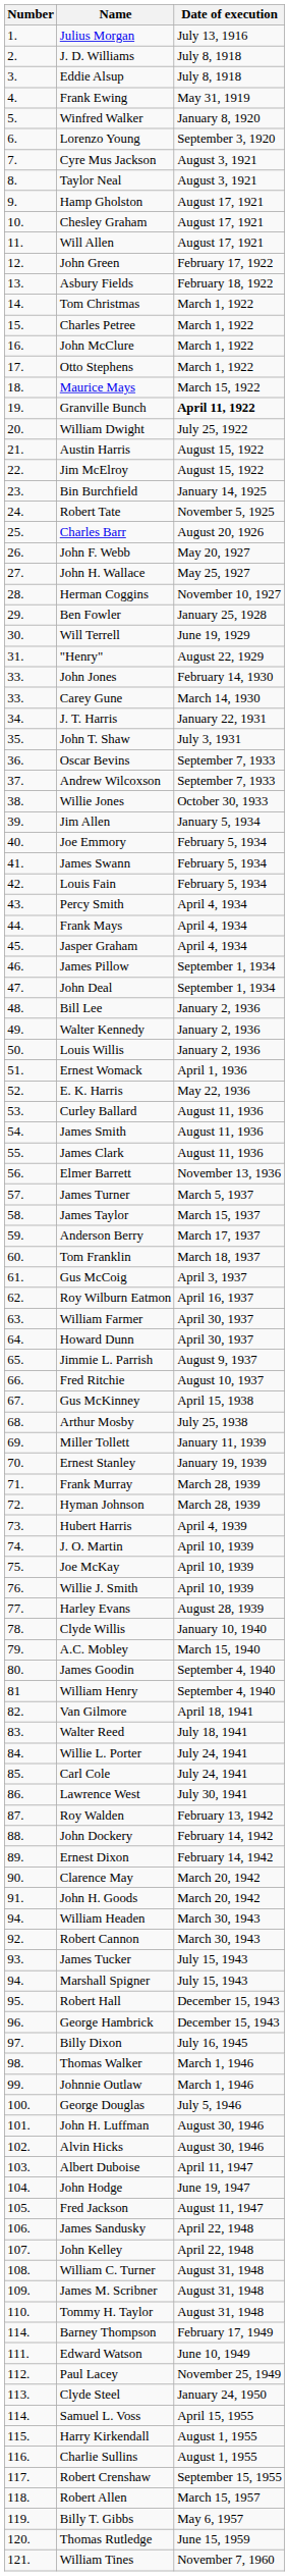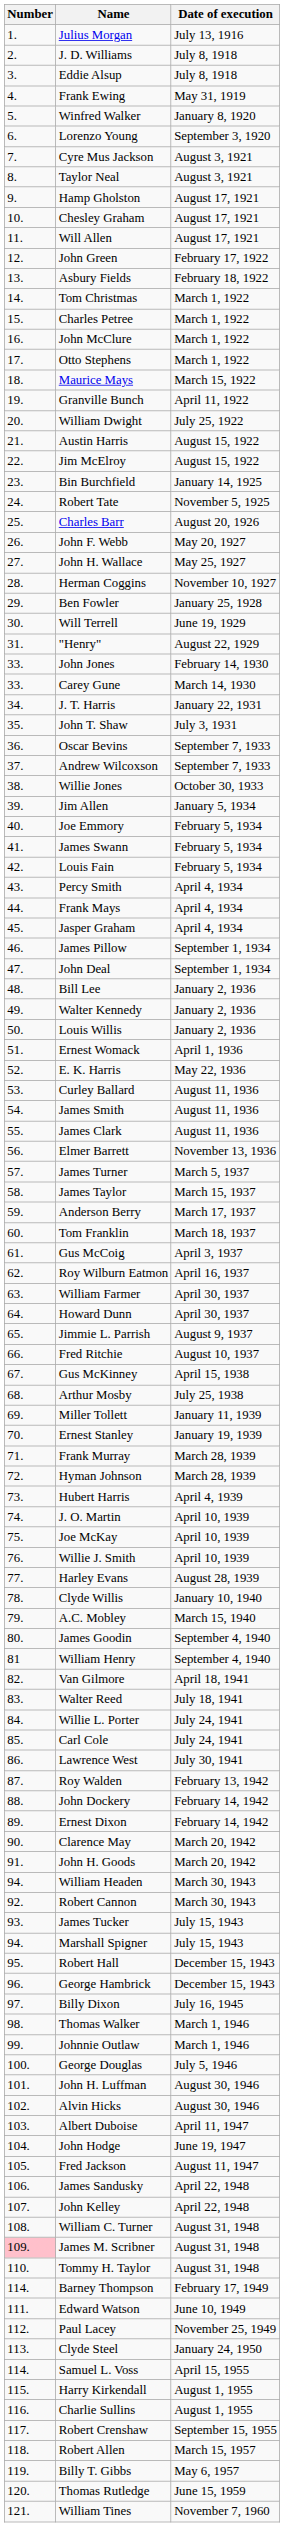 <table class="wikitable">
 <tr>
 <th>Number</th>
 <th>Name</th>
 <th>Date of execution</th>
 </tr>
 <tr>
 <td>1.</td>
 <td><a href='#'>Julius Morgan</a></td>
 <td>July 13, 1916</td>
 </tr>
 <tr>
 <td>2.</td>
 <td>J. D. Williams</td>
 <td>July 8, 1918</td>
 </tr>
 <tr>
 <td>3.</td>
 <td>Eddie Alsup</td>
 <td>July 8, 1918</td>
 </tr>
 <tr>
 <td>4.</td>
 <td>Frank Ewing</td>
 <td>May 31, 1919</td>
 </tr>
 <tr>
 <td>5.</td>
 <td>Winfred Walker</td>
 <td>January 8, 1920</td>
 </tr>
 <tr>
 <td>6.</td>
 <td>Lorenzo Young</td>
 <td>September 3, 1920</td>
 </tr>
 <tr>
 <td>7.</td>
 <td>Cyre Mus Jackson</td>
 <td>August 3, 1921</td>
 </tr>
 <tr>
 <td>8.</td>
 <td>Taylor Neal</td>
 <td>August 3, 1921</td>
 </tr>
 <tr>
 <td>9.</td>
 <td>Hamp Gholston</td>
 <td>August 17, 1921</td>
 </tr>
 <tr>
 <td>10.</td>
 <td>Chesley Graham</td>
 <td>August 17, 1921</td>
 </tr>
 <tr>
 <td>11.</td>
 <td>Will Allen</td>
 <td>August 17, 1921</td>
 </tr>
 <tr>
 <td>12.</td>
 <td>John Green</td>
 <td>February 17, 1922</td>
 </tr>
 <tr>
 <td>13.</td>
 <td>Asbury Fields</td>
 <td>February 18, 1922</td>
 </tr>
 <tr>
 <td>14.</td>
 <td>Tom Christmas</td>
 <td>March 1, 1922</td>
 </tr>
 <tr>
 <td>15.</td>
 <td>Charles Petree</td>
 <td>March 1, 1922</td>
 </tr>
 <tr>
 <td>16.</td>
 <td>John McClure</td>
 <td>March 1, 1922</td>
 </tr>
 <tr>
 <td>17.</td>
 <td>Otto Stephens</td>
 <td>March 1, 1922</td>
 </tr>
 <tr>
 <td>18.</td>
 <td><a href='#'>Maurice Mays</a></td>
 <td>March 15, 1922</td>
 </tr>
 <tr>
 <td>19.</td>
 <td>Granville Bunch</td>
-<td><strong>April 11, 1922</strong></td>
+<td>April 11, 1922</td>
 </tr>
 <tr>
 <td>20.</td>
 <td>William Dwight</td>
 <td>July 25, 1922</td>
 </tr>
 <tr>
 <td>21.</td>
 <td>Austin Harris</td>
 <td>August 15, 1922</td>
 </tr>
 <tr>
 <td>22.</td>
 <td>Jim McElroy</td>
 <td>August 15, 1922</td>
 </tr>
 <tr>
 <td>23.</td>
 <td>Bin Burchfield</td>
 <td>January 14, 1925</td>
 </tr>
 <tr>
 <td>24.</td>
 <td>Robert Tate</td>
 <td>November 5, 1925</td>
 </tr>
 <tr>
 <td>25.</td>
 <td><a href='#'>Charles Barr</a></td>
 <td>August 20, 1926</td>
 </tr>
 <tr>
 <td>26.</td>
 <td>John F. Webb</td>
 <td>May 20, 1927</td>
 </tr>
 <tr>
 <td>27.</td>
 <td>John H. Wallace</td>
 <td>May 25, 1927</td>
 </tr>
 <tr>
 <td>28.</td>
 <td>Herman Coggins</td>
 <td>November 10, 1927</td>
 </tr>
 <tr>
 <td>29.</td>
 <td>Ben Fowler</td>
 <td>January 25, 1928</td>
 </tr>
 <tr>
 <td>30.</td>
 <td>Will Terrell</td>
 <td>June 19, 1929</td>
 </tr>
 <tr>
 <td>31.</td>
 <td>"Henry"</td>
 <td>August 22, 1929</td>
 </tr>
 <tr>
 <td>33.</td>
 <td>John Jones</td>
 <td>February 14, 1930</td>
 </tr>
 <tr>
 <td>33.</td>
 <td>Carey Gune</td>
 <td>March 14, 1930</td>
 </tr>
 <tr>
 <td>34.</td>
 <td>J. T. Harris</td>
 <td>January 22, 1931</td>
 </tr>
 <tr>
 <td>35.</td>
 <td>John T. Shaw</td>
 <td>July 3, 1931</td>
 </tr>
 <tr>
 <td>36.</td>
 <td>Oscar Bevins</td>
 <td>September 7, 1933</td>
 </tr>
 <tr>
 <td>37.</td>
 <td>Andrew Wilcoxson</td>
 <td>September 7, 1933</td>
 </tr>
 <tr>
 <td>38.</td>
 <td>Willie Jones</td>
 <td>October 30, 1933</td>
 </tr>
 <tr>
 <td>39.</td>
 <td>Jim Allen</td>
 <td>January 5, 1934</td>
 </tr>
 <tr>
 <td>40.</td>
 <td>Joe Emmory</td>
 <td>February 5, 1934</td>
 </tr>
 <tr>
 <td>41.</td>
 <td>James Swann</td>
 <td>February 5, 1934</td>
 </tr>
 <tr>
 <td>42.</td>
 <td>Louis Fain</td>
 <td>February 5, 1934</td>
 </tr>
 <tr>
 <td>43.</td>
 <td>Percy Smith</td>
 <td>April 4, 1934</td>
 </tr>
 <tr>
 <td>44.</td>
 <td>Frank Mays</td>
 <td>April 4, 1934</td>
 </tr>
 <tr>
 <td>45.</td>
 <td>Jasper Graham</td>
 <td>April 4, 1934</td>
 </tr>
 <tr>
 <td>46.</td>
 <td>James Pillow</td>
 <td>September 1, 1934</td>
 </tr>
 <tr>
 <td>47.</td>
 <td>John Deal</td>
 <td>September 1, 1934</td>
 </tr>
 <tr>
 <td>48.</td>
 <td>Bill Lee</td>
 <td>January 2, 1936</td>
 </tr>
 <tr>
 <td>49.</td>
 <td>Walter Kennedy</td>
 <td>January 2, 1936</td>
 </tr>
 <tr>
 <td>50.</td>
 <td>Louis Willis</td>
 <td>January 2, 1936</td>
 </tr>
 <tr>
 <td>51.</td>
 <td>Ernest Womack</td>
 <td>April 1, 1936</td>
 </tr>
 <tr>
 <td>52.</td>
 <td>E. K. Harris</td>
 <td>May 22, 1936</td>
 </tr>
 <tr>
 <td>53.</td>
 <td>Curley Ballard</td>
 <td>August 11, 1936</td>
 </tr>
 <tr>
 <td>54.</td>
 <td>James Smith</td>
 <td>August 11, 1936</td>
 </tr>
 <tr>
 <td>55.</td>
 <td>James Clark</td>
 <td>August 11, 1936</td>
 </tr>
 <tr>
 <td>56.</td>
 <td>Elmer Barrett</td>
 <td>November 13, 1936</td>
 </tr>
 <tr>
 <td>57.</td>
 <td>James Turner</td>
 <td>March 5, 1937</td>
 </tr>
 <tr>
 <td>58.</td>
 <td>James Taylor</td>
 <td>March 15, 1937</td>
 </tr>
 <tr>
 <td>59.</td>
 <td>Anderson Berry</td>
 <td>March 17, 1937</td>
 </tr>
 <tr>
 <td>60.</td>
 <td>Tom Franklin</td>
 <td>March 18, 1937</td>
 </tr>
 <tr>
 <td>61.</td>
 <td>Gus McCoig</td>
 <td>April 3, 1937</td>
 </tr>
 <tr>
 <td>62.</td>
 <td>Roy Wilburn Eatmon</td>
 <td>April 16, 1937</td>
 </tr>
 <tr>
 <td>63.</td>
 <td>William Farmer</td>
 <td>April 30, 1937</td>
 </tr>
 <tr>
 <td>64.</td>
 <td>Howard Dunn</td>
 <td>April 30, 1937</td>
 </tr>
 <tr>
 <td>65.</td>
 <td>Jimmie L. Parrish</td>
 <td>August 9, 1937</td>
 </tr>
 <tr>
 <td>66.</td>
 <td>Fred Ritchie</td>
 <td>August 10, 1937</td>
 </tr>
 <tr>
 <td>67.</td>
 <td>Gus McKinney</td>
 <td>April 15, 1938</td>
 </tr>
 <tr>
 <td>68.</td>
 <td>Arthur Mosby</td>
 <td>July 25, 1938</td>
 </tr>
 <tr>
 <td>69.</td>
 <td>Miller Tollett</td>
 <td>January 11, 1939</td>
 </tr>
 <tr>
 <td>70.</td>
 <td>Ernest Stanley</td>
 <td>January 19, 1939</td>
 </tr>
 <tr>
 <td>71.</td>
 <td>Frank Murray</td>
 <td>March 28, 1939</td>
 </tr>
 <tr>
 <td>72.</td>
 <td>Hyman Johnson</td>
 <td>March 28, 1939</td>
 </tr>
 <tr>
 <td>73.</td>
 <td>Hubert Harris</td>
 <td>April 4, 1939</td>
 </tr>
 <tr>
 <td>74.</td>
 <td>J. O. Martin</td>
 <td>April 10, 1939</td>
 </tr>
 <tr>
 <td>75.</td>
 <td>Joe McKay</td>
 <td>April 10, 1939</td>
 </tr>
 <tr>
 <td>76.</td>
 <td>Willie J. Smith</td>
 <td>April 10, 1939</td>
 </tr>
 <tr>
 <td>77.</td>
 <td>Harley Evans</td>
 <td>August 28, 1939</td>
 </tr>
 <tr>
 <td>78.</td>
 <td>Clyde Willis</td>
 <td>January 10, 1940</td>
 </tr>
 <tr>
 <td>79.</td>
 <td>A.C. Mobley</td>
 <td>March 15, 1940</td>
 </tr>
 <tr>
 <td>80.</td>
 <td>James Goodin</td>
 <td>September 4, 1940</td>
 </tr>
 <tr>
 <td>81</td>
 <td>William Henry</td>
 <td>September 4, 1940</td>
 </tr>
 <tr>
 <td>82.</td>
 <td>Van Gilmore</td>
 <td>April 18, 1941</td>
 </tr>
 <tr>
 <td>83.</td>
 <td>Walter Reed</td>
 <td>July 18, 1941</td>
 </tr>
 <tr>
 <td>84.</td>
 <td>Willie L. Porter</td>
 <td>July 24, 1941</td>
 </tr>
 <tr>
 <td>85.</td>
 <td>Carl Cole</td>
 <td>July 24, 1941</td>
 </tr>
 <tr>
 <td>86.</td>
 <td>Lawrence West</td>
 <td>July 30, 1941</td>
 </tr>
 <tr>
 <td>87.</td>
 <td>Roy Walden</td>
 <td>February 13, 1942</td>
 </tr>
 <tr>
 <td>88.</td>
 <td>John Dockery</td>
 <td>February 14, 1942</td>
 </tr>
 <tr>
 <td>89.</td>
 <td>Ernest Dixon</td>
 <td>February 14, 1942</td>
 </tr>
 <tr>
 <td>90.</td>
 <td>Clarence May</td>
 <td>March 20, 1942</td>
 </tr>
 <tr>
 <td>91.</td>
 <td>John H. Goods</td>
 <td>March 20, 1942</td>
 </tr>
 <tr>
 <td>94.</td>
 <td>William Headen</td>
 <td>March 30, 1943</td>
 </tr>
 <tr>
 <td>92.</td>
 <td>Robert Cannon</td>
 <td>March 30, 1943</td>
 </tr>
 <tr>
 <td>93.</td>
 <td>James Tucker</td>
 <td>July 15, 1943</td>
 </tr>
 <tr>
 <td>94.</td>
 <td>Marshall Spigner</td>
 <td>July 15, 1943</td>
 </tr>
 <tr>
 <td>95.</td>
 <td>Robert Hall</td>
 <td>December 15, 1943</td>
 </tr>
 <tr>
 <td>96.</td>
 <td>George Hambrick</td>
 <td>December 15, 1943</td>
 </tr>
 <tr>
 <td>97.</td>
 <td>Billy Dixon</td>
 <td>July 16, 1945</td>
 </tr>
 <tr>
 <td>98.</td>
 <td>Thomas Walker</td>
 <td>March 1, 1946</td>
 </tr>
 <tr>
 <td>99.</td>
 <td>Johnnie Outlaw</td>
 <td>March 1, 1946</td>
 </tr>
 <tr>
 <td>100.</td>
 <td>George Douglas</td>
 <td>July 5, 1946</td>
 </tr>
 <tr>
 <td>101.</td>
 <td>John H. Luffman</td>
 <td>August 30, 1946</td>
 </tr>
 <tr>
 <td>102.</td>
 <td>Alvin Hicks</td>
 <td>August 30, 1946</td>
 </tr>
 <tr>
 <td>103.</td>
 <td>Albert Duboise</td>
 <td>April 11, 1947</td>
 </tr>
 <tr>
 <td>104.</td>
 <td>John Hodge</td>
 <td>June 19, 1947</td>
 </tr>
 <tr>
 <td>105.</td>
 <td>Fred Jackson</td>
 <td>August 11, 1947</td>
 </tr>
 <tr>
 <td>106.</td>
 <td>James Sandusky</td>
 <td>April 22, 1948</td>
 </tr>
 <tr>
 <td>107.</td>
 <td>John Kelley</td>
 <td>April 22, 1948</td>
 </tr>
 <tr>
 <td>108.</td>
 <td>William C. Turner</td>
 <td>August 31, 1948</td>
 </tr>
 <tr>
-<td>109.</td>
+<td style="background: pink;">109.</td>
 <td>James M. Scribner</td>
 <td>August 31, 1948</td>
 </tr>
 <tr>
 <td>110.</td>
 <td>Tommy H. Taylor</td>
 <td>August 31, 1948</td>
 </tr>
 <tr>
 <td>114.</td>
 <td>Barney Thompson</td>
 <td>February 17, 1949</td>
 </tr>
 <tr>
 <td>111.</td>
 <td>Edward Watson</td>
 <td>June 10, 1949</td>
 </tr>
 <tr>
 <td>112.</td>
 <td>Paul Lacey</td>
 <td>November 25, 1949</td>
 </tr>
 <tr>
 <td>113.</td>
 <td>Clyde Steel</td>
 <td>January 24, 1950</td>
 </tr>
 <tr>
 <td>114.</td>
 <td>Samuel L. Voss</td>
 <td>April 15, 1955</td>
 </tr>
 <tr>
 <td>115.</td>
 <td>Harry Kirkendall</td>
 <td>August 1, 1955</td>
 </tr>
 <tr>
 <td>116.</td>
 <td>Charlie Sullins</td>
 <td>August 1, 1955</td>
 </tr>
 <tr>
 <td>117.</td>
 <td>Robert Crenshaw</td>
 <td>September 15, 1955</td>
 </tr>
 <tr>
 <td>118.</td>
 <td>Robert Allen</td>
 <td>March 15, 1957</td>
 </tr>
 <tr>
 <td>119.</td>
 <td>Billy T. Gibbs</td>
 <td>May 6, 1957</td>
 </tr>
 <tr>
 <td>120.</td>
 <td>Thomas Rutledge</td>
 <td>June 15, 1959</td>
 </tr>
 <tr>
 <td>121.</td>
 <td>William Tines</td>
 <td>November 7, 1960</td>
 </tr>
 </table>
